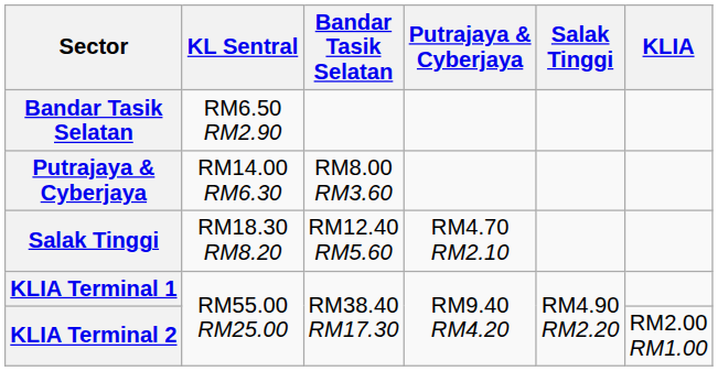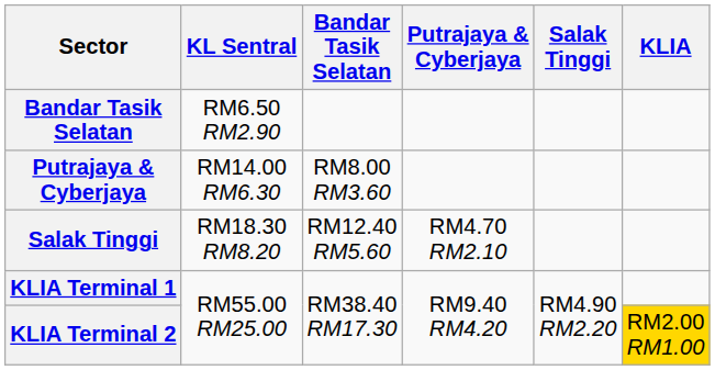 <table class="wikitable">
 <tr>
 <th>Sector</th>
 <th><a href='#'>KL Sentral</a></th>
 <th><a href='#'>Bandar<br>Tasik<br>Selatan</a></th>
 <th><a href='#'>Putrajaya &<br>Cyberjaya</a></th>
 <th><a href='#'>Salak<br>Tinggi</a></th>
 <th><a href='#'>KLIA</a></th>
 </tr>
 <tr>
 <th><a href='#'>Bandar Tasik<br>Selatan</a></th>
 <td align="center">RM6.50<br><em>RM2.90</em></td>
 <td></td>
 <td align="center"></td>
 <td align="center"></td>
 <td align="center"></td>
 </tr>
 <tr>
 <th><a href='#'>Putrajaya &<br>Cyberjaya</a></th>
 <td align="center">RM14.00<br><em>RM6.30</em></td>
 <td align="center">RM8.00<br><em>RM3.60</em></td>
 <td></td>
 <td align="center"></td>
 <td align="center"></td>
 </tr>
 <tr>
 <th><a href='#'>Salak Tinggi</a></th>
 <td align="center">RM18.30<br><em>RM8.20</em></td>
 <td align="center">RM12.40<br><em>RM5.60</em></td>
 <td align="center">RM4.70<br><em>RM2.10</em></td>
 <td></td>
 <td align="center"></td>
 </tr>
 <tr>
 <th><a href='#'>KLIA Terminal 1</a></th>
 <td rowspan="2" align="center">RM55.00<br><em>RM25.00</em></td>
 <td rowspan="2" align="center">RM38.40<br><em>RM17.30</em></td>
 <td rowspan="2" align="center">RM9.40<br><em>RM4.20</em></td>
 <td rowspan="2" align="center">RM4.90<br><em>RM2.20</em></td>
 <td></td>
 </tr>
 <tr>
 <th><a href='#'>KLIA Terminal 2</a></th>
-<td align="center">RM2.00<br><em>RM1.00</em></td>
+<td align="center" style="background: gold;">RM2.00<br><em>RM1.00</em></td>
 </tr>
 </table>
